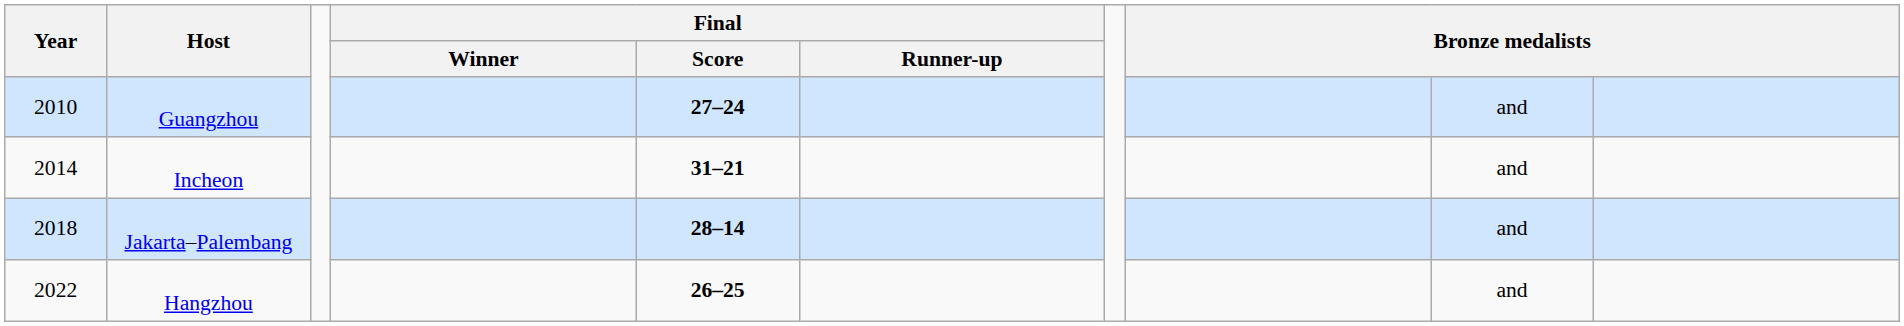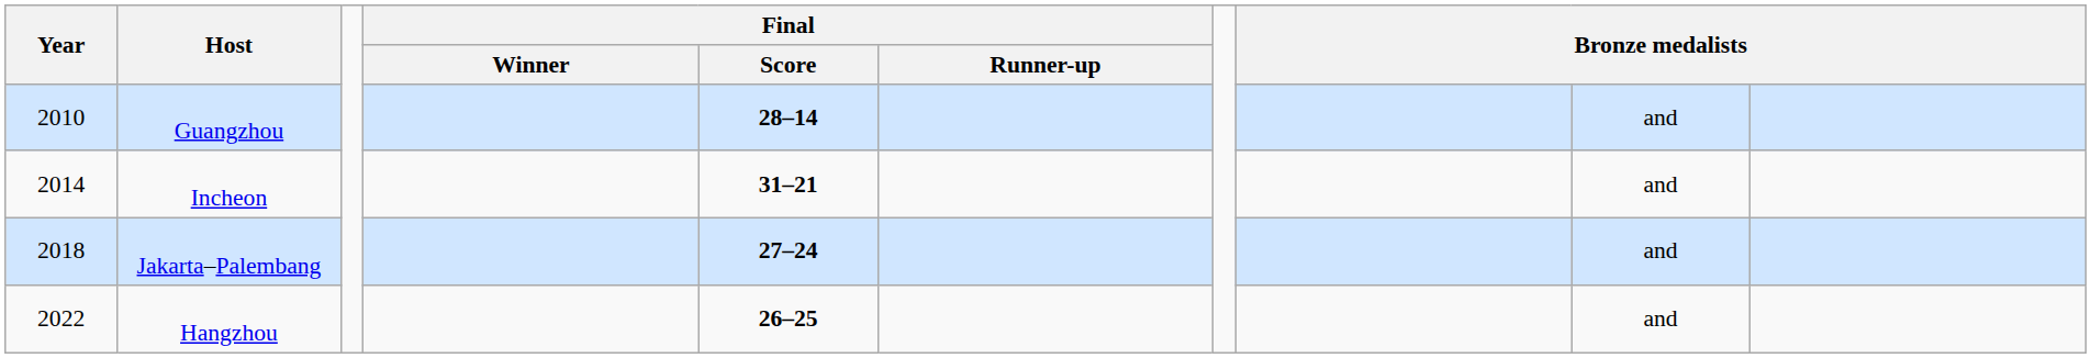 <table class="wikitable" style="font-size:90%; width: 100%; text-align: center;">
 <tr>
 <th rowspan=2 width=5%>Year</th>
 <th rowspan=2 width=10%>Host</th>
 <td width=1% rowspan=6></td>
 <th colspan=3>Final</th>
 <td width=1% rowspan=6></td>
 <th width=38% rowspan=2 colspan=3>Bronze medalists</th>
 </tr>
 <tr>
 <th width=15%>Winner</th>
 <th width=8%>Score</th>
 <th width=15%>Runner-up</th>
 </tr>
 <tr style="background: #D0E6FF;">
 <td>2010<br></td>
 <td><br><a href='#'>Guangzhou</a></td>
 <td><strong></strong></td>
-<td><strong>27–24</strong></td>
+<td><strong>28–14</strong></td>
 <td></td>
 <td width=15%></td>
 <td>and</td>
 <td width=15%></td>
 </tr>
 <tr>
 <td>2014<br></td>
 <td><br><a href='#'>Incheon</a></td>
 <td><strong></strong></td>
 <td><strong>31–21</strong></td>
 <td></td>
 <td></td>
 <td>and</td>
 <td></td>
 </tr>
 <tr style="background: #D0E6FF;">
 <td>2018<br></td>
 <td><br><a href='#'>Jakarta</a>–<a href='#'>Palembang</a></td>
 <td><strong></strong></td>
-<td><strong>28–14</strong></td>
+<td><strong>27–24</strong></td>
 <td></td>
 <td></td>
 <td>and</td>
 <td></td>
 </tr>
 <tr>
 <td>2022<br></td>
 <td><br><a href='#'>Hangzhou</a></td>
 <td><strong></strong></td>
 <td><strong>26–25</strong></td>
 <td></td>
 <td></td>
 <td>and</td>
 <td></td>
 </tr>
 </table>
